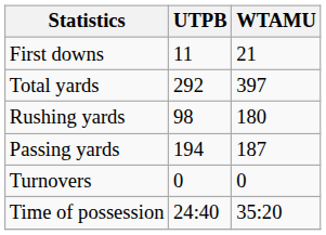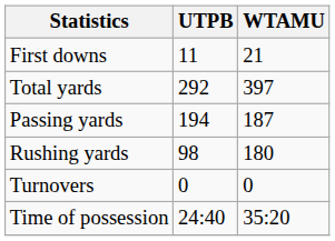 <table class="wikitable" style="float: left;">
 <tr>
 <th>Statistics</th>
 <th>UTPB</th>
 <th>WTAMU</th>
 </tr>
 <tr>
 <td>First downs</td>
 <td>11</td>
 <td>21</td>
 </tr>
 <tr>
 <td>Total yards</td>
 <td>292</td>
 <td>397</td>
 </tr>
 <tr>
+<td>Passing yards</td>
+<td>194</td>
+<td>187</td>
+</tr>
+<tr>
 <td>Rushing yards</td>
 <td>98</td>
 <td>180</td>
-</tr>
-<tr>
-<td>Passing yards</td>
-<td>194</td>
-<td>187</td>
 </tr>
 <tr>
 <td>Turnovers</td>
 <td>0</td>
 <td>0</td>
 </tr>
 <tr>
 <td>Time of possession</td>
 <td>24:40</td>
 <td>35:20</td>
 </tr>
 <tr>
 </tr>
 </table>
